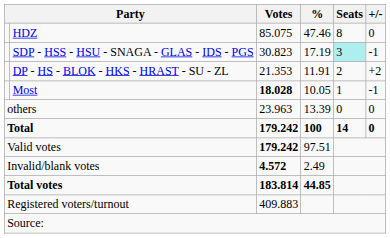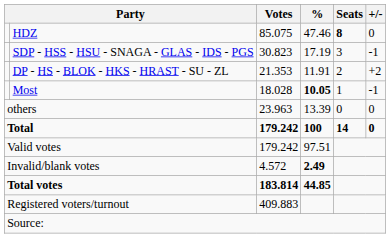 <table class="wikitable" style="text-align: left;">
 <tr>
 <th colspan="2">Party</th>
 <th>Votes</th>
 <th>%</th>
 <th>Seats</th>
 <th>+/-</th>
 </tr>
 <tr>
 <td style="background-color: "></td>
 <td><a href='#'>HDZ</a></td>
 <td>85.075</td>
 <td>47.46</td>
-<td>8</td>
+<td><strong>8</strong></td>
 <td>0</td>
 </tr>
 <tr>
 <td style="background-color: "></td>
 <td><a href='#'>SDP</a> - <a href='#'>HSS</a> - <a href='#'>HSU</a> - SNAGA - <a href='#'>GLAS</a> - <a href='#'>IDS</a> - <a href='#'>PGS</a></td>
 <td>30.823</td>
 <td>17.19</td>
-<td style="background: paleturquoise;">3</td>
+<td>3</td>
 <td>-1</td>
 </tr>
 <tr>
 <td style="background-color: "></td>
 <td><a href='#'>DP</a> - <a href='#'>HS</a> - <a href='#'>BLOK</a> - <a href='#'>HKS</a> - <a href='#'>HRAST</a> - SU - ZL</td>
 <td>21.353</td>
 <td>11.91</td>
 <td>2</td>
 <td>+2</td>
 </tr>
 <tr>
 <td style="background-color: "></td>
 <td><a href='#'>Most</a></td>
-<td><strong>18.028</strong></td>
-<td>10.05</td>
+<td>18.028</td>
+<td><strong>10.05</strong></td>
 <td>1</td>
 <td>-1</td>
 </tr>
 <tr>
 <td colspan="2">others</td>
 <td>23.963</td>
 <td>13.39</td>
 <td>0</td>
 <td>0</td>
 </tr>
 <tr>
 <td colspan="2"><strong>Total</strong></td>
 <td><strong>179.242</strong></td>
 <td><strong>100</strong></td>
 <td><strong>14</strong></td>
 <td><strong>0</strong></td>
 </tr>
 <tr>
 <td colspan="2">Valid votes</td>
-<td><strong>179.242</strong></td>
+<td>179.242</td>
 <td>97.51</td>
 <td colspan="2"></td>
 </tr>
 <tr>
 <td colspan="2">Invalid/blank votes</td>
-<td><strong>4.572</strong></td>
-<td>2.49</td>
+<td>4.572</td>
+<td><strong>2.49</strong></td>
 <td colspan="2"></td>
 </tr>
 <tr>
 <td colspan="2"><strong>Total votes</strong></td>
 <td><strong>183.814</strong></td>
 <td><strong>44.85</strong></td>
 <td colspan="2"></td>
 </tr>
 <tr>
 <td colspan="2">Registered voters/turnout</td>
 <td votes14="5343">409.883</td>
 <td></td>
 <td colspan="2"></td>
 </tr>
 <tr>
 <td colspan="6">Source: </td>
 </tr>
 </table>
